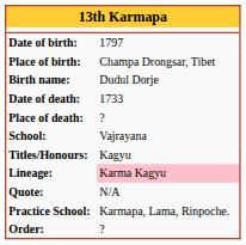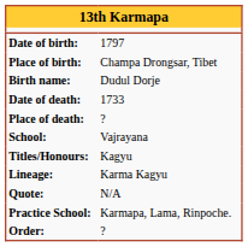 <table class="infobox" style="width: 20em; font-size: 95%; text-align: left; border-collapse: collapse; border-top: 2px solid #af4630; border-right: 2px solid #af4630; border-left: 2px solid #af4630; border-bottom: 2px solid #af4630;" cellpadding="3">
 <tr style="background-color: #FFCC33;">
 <th colspan="2" style="text-align: center; font-size: larger;">13th Karmapa</th>
 </tr>
 <tr>
 <td colspan="2" style="text-align: center; border-bottom: 2px solid #af4630;"></td>
 </tr>
 <tr>
 <th>Date of birth:</th>
 <td>1797</td>
 </tr>
 <tr>
 <th>Place of birth:</th>
 <td>Champa Drongsar, Tibet</td>
 </tr>
 <tr>
 <th>Birth name:</th>
 <td>Dudul Dorje</td>
 </tr>
 <tr>
 <th>Date of death:</th>
 <td>1733</td>
 </tr>
 <tr>
 <th>Place of death:</th>
 <td>?</td>
 </tr>
 <tr>
 <th>School:</th>
 <td>Vajrayana</td>
 </tr>
 <tr>
 <th>Titles/Honours:</th>
 <td>Kagyu</td>
 </tr>
 <tr>
 <th>Lineage:</th>
-<td style="background: pink;">Karma Kagyu</td>
+<td>Karma Kagyu</td>
 </tr>
 <tr>
 <th>Quote:</th>
 <td>N/A</td>
 </tr>
 <tr>
 <th>Practice School:</th>
 <td>Karmapa, Lama, Rinpoche.</td>
 </tr>
 <tr>
 <th>Order:</th>
 <td>?</td>
 </tr>
 <tr>
 </tr>
 </table>
